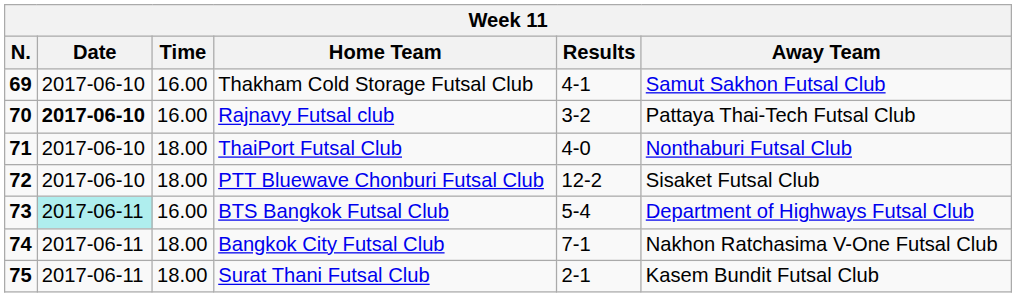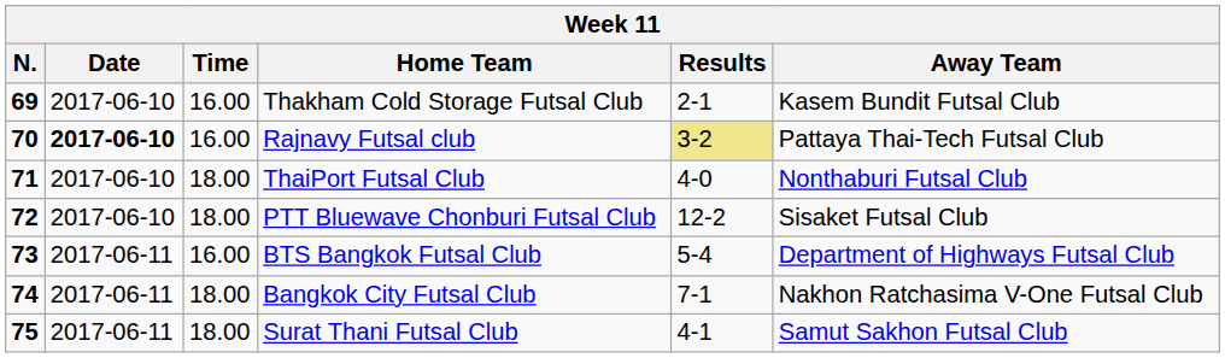 <table class="wikitable mw-collapsible mw-collapsed" style="min-width:50em">
 <tr>
 <th colspan="6">Week 11</th>
 </tr>
 <tr>
 <th>N.</th>
 <th>Date</th>
 <th>Time</th>
 <th>Home Team</th>
 <th>Results</th>
 <th>Away Team</th>
 </tr>
 <tr>
 <td><strong>69</strong></td>
 <td>2017-06-10</td>
 <td>16.00</td>
 <td>Thakham Cold Storage Futsal Club</td>
-<td>4-1</td>
-<td><a href='#'>Samut Sakhon Futsal Club</a></td>
+<td>2-1</td>
+<td>Kasem Bundit Futsal Club</td>
 </tr>
 <tr>
 <td><strong>70</strong></td>
 <td><strong>2017-06-10</strong></td>
 <td>16.00</td>
 <td><a href='#'>Rajnavy Futsal club</a></td>
-<td>3-2</td>
+<td style="background: khaki;">3-2</td>
 <td>Pattaya Thai-Tech Futsal Club</td>
 </tr>
 <tr>
 <td><strong>71</strong></td>
 <td>2017-06-10</td>
 <td>18.00</td>
 <td><a href='#'>ThaiPort Futsal Club</a></td>
 <td>4-0</td>
 <td><a href='#'>Nonthaburi Futsal Club</a></td>
 </tr>
 <tr>
 <td><strong>72</strong></td>
 <td>2017-06-10</td>
 <td>18.00</td>
 <td><a href='#'>PTT Bluewave Chonburi Futsal Club</a></td>
 <td>12-2</td>
 <td>Sisaket Futsal Club</td>
 </tr>
 <tr>
 <td><strong>73</strong></td>
-<td style="background: paleturquoise;">2017-06-11</td>
+<td>2017-06-11</td>
 <td>16.00</td>
 <td><a href='#'>BTS Bangkok Futsal Club</a></td>
 <td>5-4</td>
 <td><a href='#'>Department of Highways Futsal Club</a></td>
 </tr>
 <tr>
 <td><strong>74</strong></td>
 <td>2017-06-11</td>
 <td>18.00</td>
 <td><a href='#'>Bangkok City Futsal Club</a></td>
 <td>7-1</td>
 <td>Nakhon Ratchasima V-One Futsal Club</td>
 </tr>
 <tr>
 <td><strong>75</strong></td>
 <td>2017-06-11</td>
 <td>18.00</td>
 <td><a href='#'>Surat Thani Futsal Club</a></td>
-<td>2-1</td>
-<td>Kasem Bundit Futsal Club</td>
+<td>4-1</td>
+<td><a href='#'>Samut Sakhon Futsal Club</a></td>
 </tr>
 </table>
